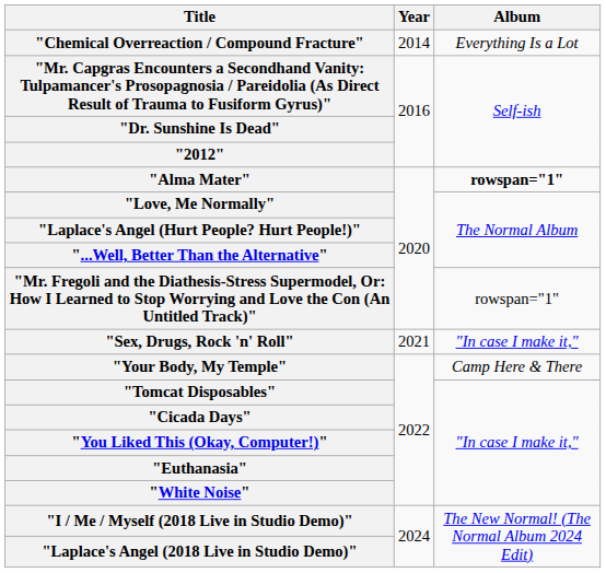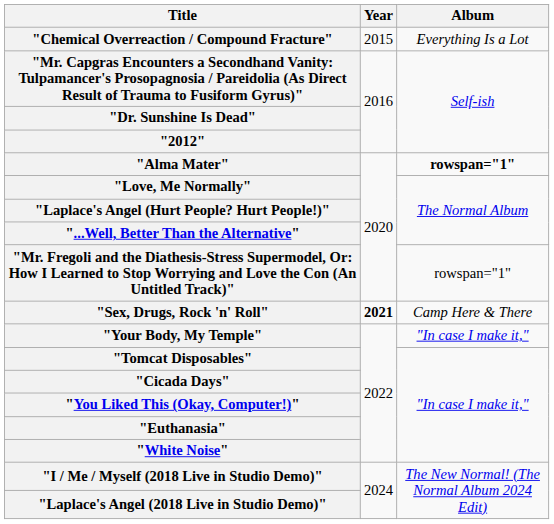 <table class="wikitable plainrowheaders" style="text-align:center;">
 <tr>
 <th scope="col" style="width:24em;">Title</th>
 <th scope="col">Year</th>
 <th scope="col" style="width:10em;">Album</th>
 </tr>
 <tr>
 <th scope="row">"Chemical Overreaction / Compound Fracture"</th>
-<td>2014</td>
+<td>2015</td>
 <td><em>Everything Is a Lot</em></td>
 </tr>
 <tr>
 <th scope="row">"Mr. Capgras Encounters a Secondhand Vanity: Tulpamancer's Prosopagnosia / Pareidolia (As Direct Result of Trauma to Fusiform Gyrus)"</th>
 <td rowspan="3">2016</td>
 <td rowspan="3"><em><a href='#'>Self-ish</a></em></td>
 </tr>
 <tr>
 <th scope="row">"Dr. Sunshine Is Dead"</th>
 </tr>
 <tr>
 <th scope="row">"2012"</th>
 </tr>
 <tr>
 <th scope="row">"Alma Mater"</th>
 <td rowspan="5">2020</td>
 <td><strong>rowspan="1" </strong></td>
 </tr>
 <tr>
 <th scope="row">"Love, Me Normally"</th>
 <td rowspan="3"><em><a href='#'>The Normal Album</a></em></td>
 </tr>
 <tr>
 <th scope="row">"Laplace's Angel (Hurt People? Hurt People!)"</th>
 </tr>
 <tr>
 <th scope="row">"<a href='#'>...Well, Better Than the Alternative</a>"</th>
 </tr>
 <tr>
 <th scope="row">"Mr. Fregoli and the Diathesis-Stress Supermodel, Or: How I Learned to Stop Worrying and Love the Con (An Untitled Track)"</th>
 <td>rowspan="1" </td>
 </tr>
 <tr>
 <th scope="row">"Sex, Drugs, Rock 'n' Roll"</th>
-<td>2021</td>
-<td><em><a href='#'>"In case I make it,"</a></em></td>
+<td><strong>2021</strong></td>
+<td rowspan="1"><em>Camp Here & There</em></td>
 </tr>
 <tr>
 <th scope="row">"Your Body, My Temple"</th>
 <td rowspan="6">2022</td>
-<td rowspan="1"><em>Camp Here & There</em></td>
+<td><em><a href='#'>"In case I make it,"</a></em></td>
 </tr>
 <tr>
 <th scope="row">"Tomcat Disposables"</th>
 <td rowspan="5"><em><a href='#'>"In case I make it,"</a></em></td>
 </tr>
 <tr>
 <th scope="row">"Cicada Days"</th>
 </tr>
 <tr>
 <th scope="row">"<a href='#'>You Liked This (Okay, Computer!)</a>"</th>
 </tr>
 <tr>
 <th scope="row">"Euthanasia"</th>
 </tr>
 <tr>
 <th scope="row">"<a href='#'>White Noise</a>"</th>
 </tr>
 <tr>
 <th scope="row">"I / Me / Myself (2018 Live in Studio Demo)"</th>
 <td rowspan="2">2024</td>
 <td rowspan="2"><em><a href='#'>The New Normal! (The Normal Album 2024 Edit)</a></em></td>
 </tr>
 <tr>
 <th scope="row">"Laplace's Angel (2018 Live in Studio Demo)"</th>
 </tr>
 </table>
